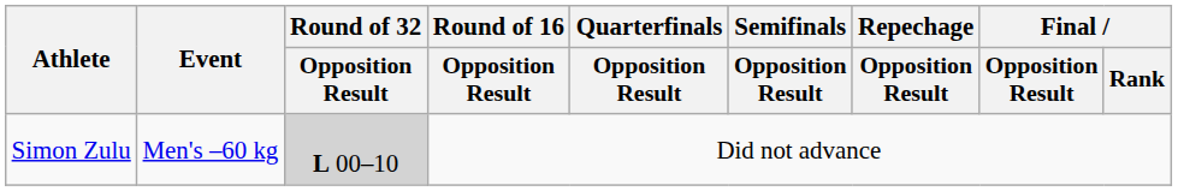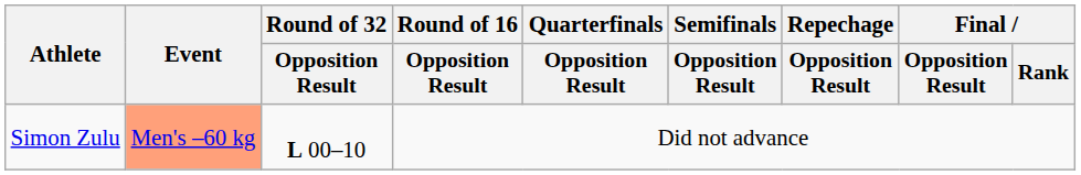 <table class="wikitable" style="font-size:90%">
 <tr>
 <th rowspan="2">Athlete</th>
 <th rowspan="2">Event</th>
 <th>Round of 32</th>
 <th>Round of 16</th>
 <th>Quarterfinals</th>
 <th>Semifinals</th>
 <th>Repechage</th>
 <th colspan=2>Final / </th>
 </tr>
 <tr style="font-size:95%">
 <th>Opposition<br>Result</th>
 <th>Opposition<br>Result</th>
 <th>Opposition<br>Result</th>
 <th>Opposition<br>Result</th>
 <th>Opposition<br>Result</th>
 <th>Opposition<br>Result</th>
 <th>Rank</th>
 </tr>
 <tr align=center>
 <td align=left><a href='#'>Simon Zulu</a></td>
-<td align=left><a href='#'>Men's –60 kg</a></td>
-<td style="background: lightgrey;"><br><strong>L</strong> 00–10</td>
+<td align=left style="background: lightsalmon;"><a href='#'>Men's –60 kg</a></td>
+<td><br><strong>L</strong> 00–10</td>
 <td colspan=6>Did not advance</td>
 </tr>
 </table>
